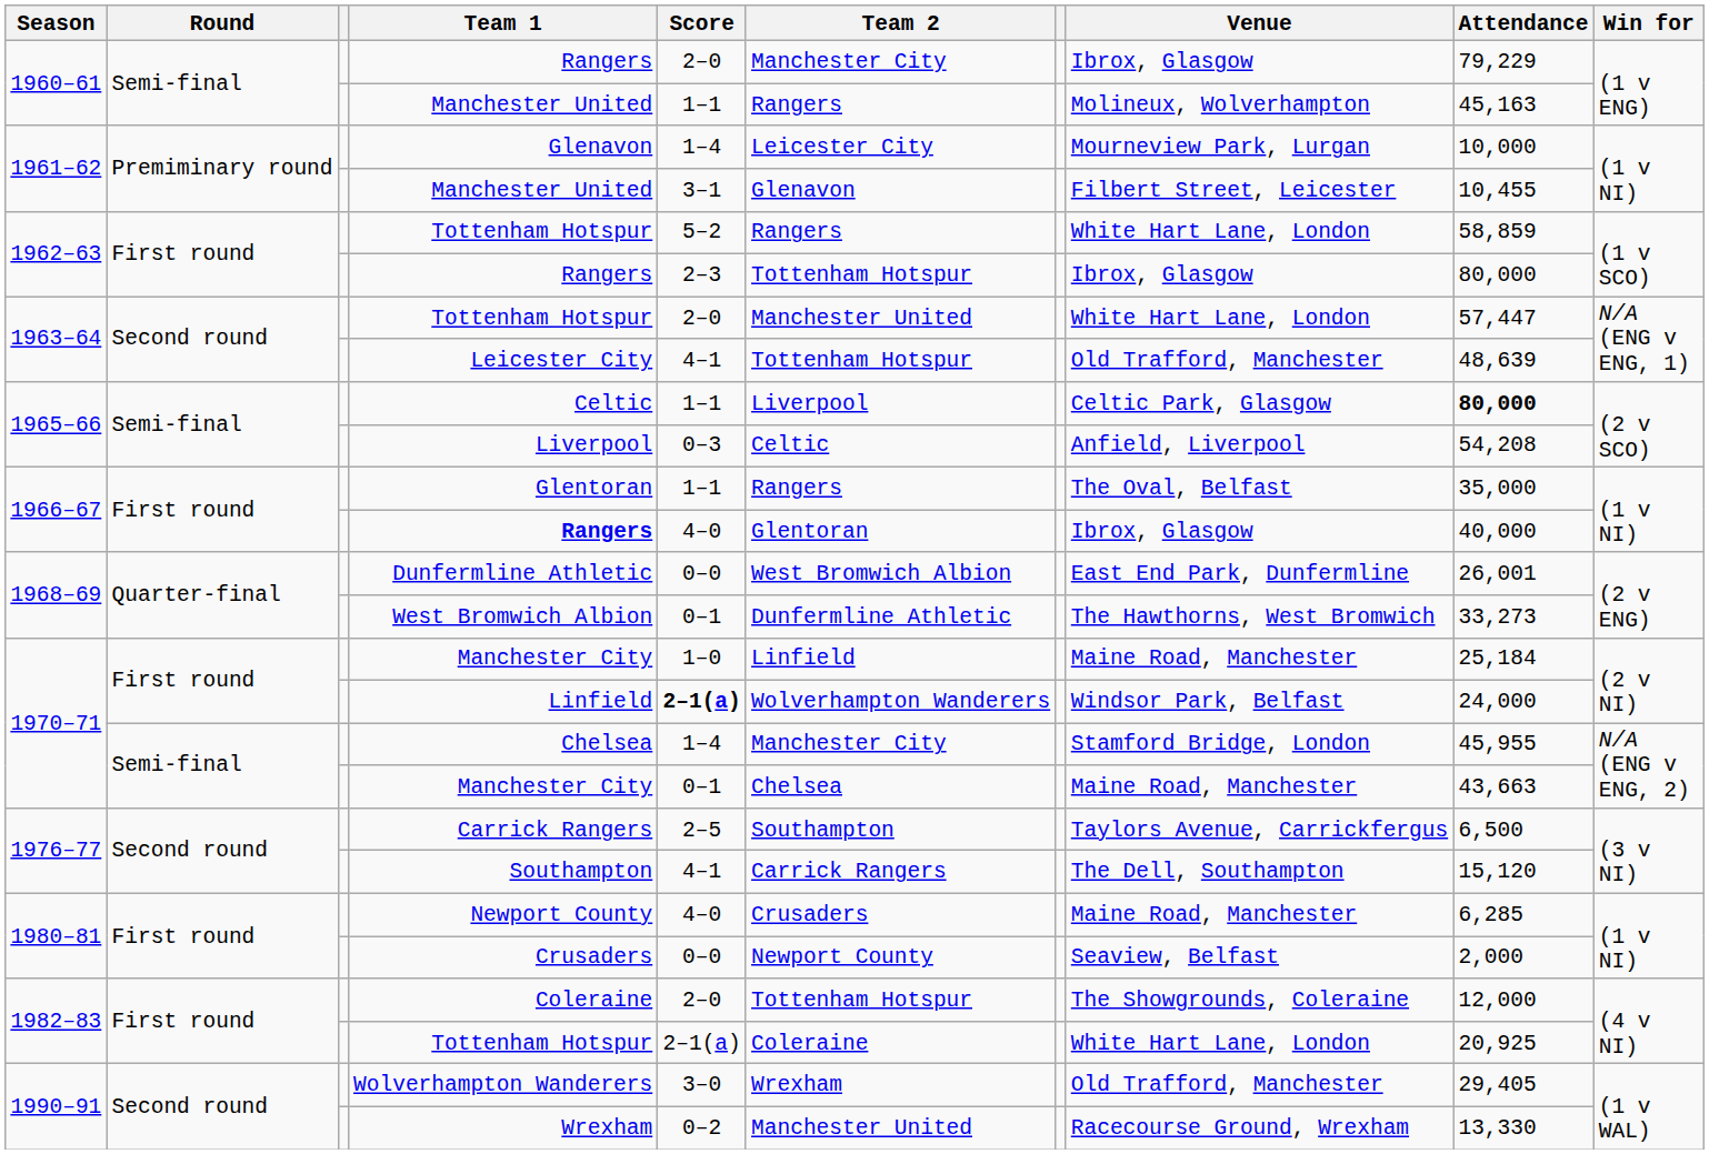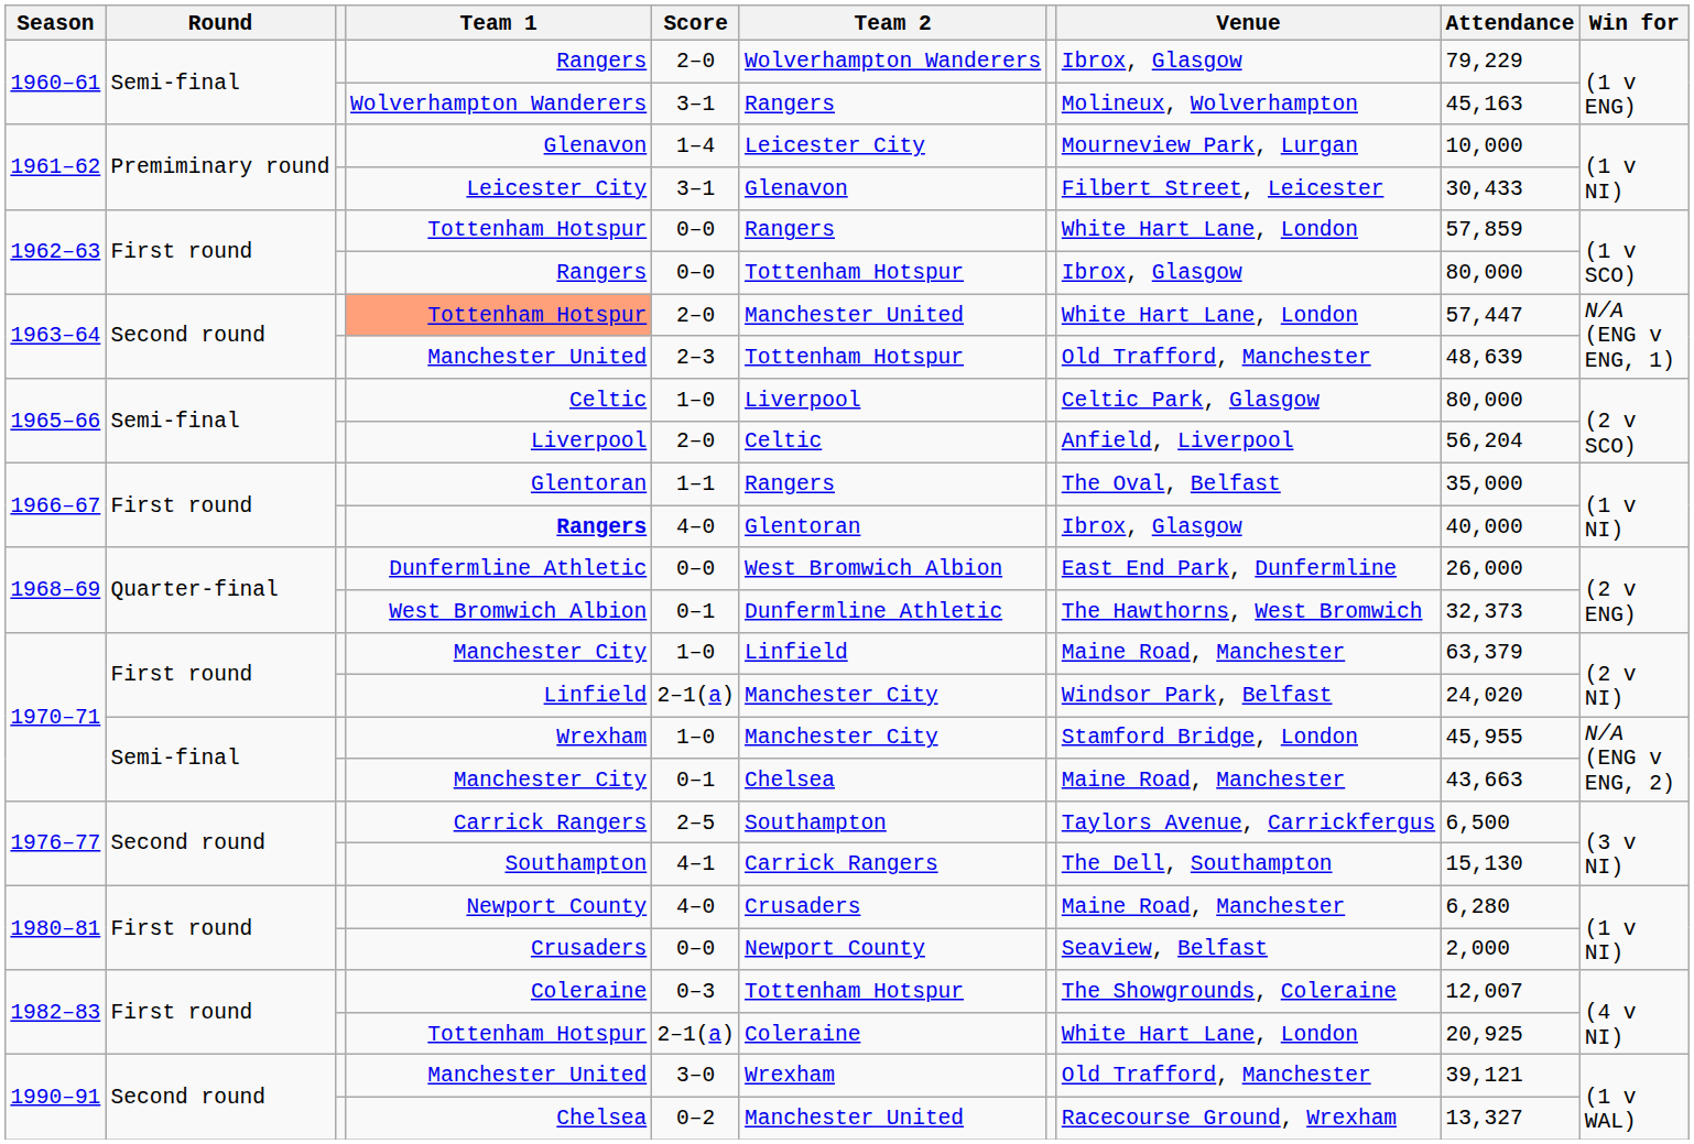 <table class="wikitable sortable">
 <tr>
 <th>Season</th>
 <th>Round</th>
 <th></th>
 <th>Team 1</th>
 <th>Score</th>
 <th>Team 2</th>
 <th></th>
 <th>Venue</th>
 <th>Attendance</th>
 <th width=60>Win for</th>
 </tr>
 <tr>
 <td rowspan=2><a href='#'>1960–61</a></td>
 <td rowspan=2>Semi-final</td>
 <td align=center></td>
 <td align=right><a href='#'>Rangers</a></td>
 <td style="text-align:center;">2–0</td>
-<td><a href='#'>Manchester City</a></td>
+<td><a href='#'>Wolverhampton Wanderers</a></td>
 <td align=center></td>
 <td><a href='#'>Ibrox</a>, <a href='#'>Glasgow</a></td>
 <td align=left>79,229</td>
 <td rowspan=2> <br>(1 v ENG)</td>
 </tr>
 <tr>
 <td align=center></td>
-<td align="right"><a href='#'>Manchester United</a></td>
-<td style="text-align:center;">1–1</td>
+<td align="right"><a href='#'>Wolverhampton Wanderers</a></td>
+<td style="text-align:center;">3–1</td>
 <td><a href='#'>Rangers</a></td>
 <td align=center></td>
 <td><a href='#'>Molineux</a>, <a href='#'>Wolverhampton</a></td>
 <td align=left>45,163</td>
 </tr>
 <tr>
 <td rowspan=2><a href='#'>1961–62</a></td>
 <td rowspan=2>Premiminary round</td>
 <td align=center></td>
 <td align="right"><a href='#'>Glenavon</a></td>
 <td style="text-align:center;">1–4</td>
 <td><a href='#'>Leicester City</a></td>
 <td align=center></td>
 <td><a href='#'>Mourneview Park</a>, <a href='#'>Lurgan</a></td>
 <td align=left>10,000</td>
 <td rowspan=2> <br>(1 v NI)</td>
 </tr>
 <tr>
 <td align=center></td>
-<td align="right"><a href='#'>Manchester United</a></td>
+<td align="right"><a href='#'>Leicester City</a></td>
 <td style="text-align:center;">3–1</td>
 <td><a href='#'>Glenavon</a></td>
 <td align=center></td>
 <td><a href='#'>Filbert Street</a>, <a href='#'>Leicester</a></td>
-<td align=left>10,455</td>
+<td align=left>30,433</td>
 </tr>
 <tr>
 <td rowspan=2><a href='#'>1962–63</a></td>
 <td rowspan=2>First round</td>
 <td align=center></td>
 <td align="right"><a href='#'>Tottenham Hotspur</a></td>
-<td style="text-align:center;">5–2</td>
+<td style="text-align:center;">0–0</td>
 <td><a href='#'>Rangers</a></td>
 <td align=center></td>
 <td><a href='#'>White Hart Lane</a>, <a href='#'>London</a></td>
-<td align=left>58,859</td>
+<td align=left>57,859</td>
 <td rowspan=2><br>(1 v SCO)</td>
 </tr>
 <tr>
 <td align=center></td>
 <td align="right"><a href='#'>Rangers</a></td>
-<td style="text-align:center;">2–3</td>
+<td style="text-align:center;">0–0</td>
 <td><a href='#'>Tottenham Hotspur</a></td>
 <td align=center></td>
 <td><a href='#'>Ibrox</a>, <a href='#'>Glasgow</a></td>
 <td align=left>80,000</td>
 </tr>
 <tr>
 <td rowspan=2><a href='#'>1963–64</a></td>
 <td rowspan=2>Second round</td>
 <td align=center></td>
-<td align="right"><a href='#'>Tottenham Hotspur</a></td>
+<td align="right" style="background: lightsalmon;"><a href='#'>Tottenham Hotspur</a></td>
 <td style="text-align:center;">2–0</td>
 <td><a href='#'>Manchester United</a></td>
 <td align=center></td>
 <td><a href='#'>White Hart Lane</a>, <a href='#'>London</a></td>
 <td align=left>57,447</td>
 <td rowspan=2><em>N/A</em><br>(ENG v ENG, 1)</td>
 </tr>
 <tr>
 <td align=center></td>
-<td align="right"><a href='#'>Leicester City</a></td>
-<td style="text-align:center;">4–1</td>
+<td align="right"><a href='#'>Manchester United</a></td>
+<td style="text-align:center;">2–3</td>
 <td><a href='#'>Tottenham Hotspur</a></td>
 <td align=center></td>
 <td><a href='#'>Old Trafford</a>, <a href='#'>Manchester</a></td>
 <td align=left>48,639</td>
 </tr>
 <tr>
 <td rowspan=2><a href='#'>1965–66</a></td>
 <td rowspan=2>Semi-final</td>
 <td align=center></td>
 <td align="right"><a href='#'>Celtic</a></td>
-<td style="text-align:center;">1–1</td>
+<td style="text-align:center;">1–0</td>
 <td><a href='#'>Liverpool</a></td>
 <td align=center></td>
 <td><a href='#'>Celtic Park</a>, <a href='#'>Glasgow</a></td>
-<td align=left><strong>80,000</strong></td>
+<td align=left>80,000</td>
 <td rowspan=2><br>(2 v SCO)</td>
 </tr>
 <tr>
 <td align=center></td>
 <td align="right"><a href='#'>Liverpool</a></td>
-<td style="text-align:center;">0–3</td>
+<td style="text-align:center;">2–0</td>
 <td><a href='#'>Celtic</a></td>
 <td align=center></td>
 <td><a href='#'>Anfield</a>, <a href='#'>Liverpool</a></td>
-<td align=left>54,208</td>
+<td align=left>56,204</td>
 </tr>
 <tr>
 <td rowspan=2><a href='#'>1966–67</a></td>
 <td rowspan=2>First round</td>
 <td align=center></td>
 <td align="right"><a href='#'>Glentoran</a></td>
 <td style="text-align:center;">1–1</td>
 <td><a href='#'>Rangers</a></td>
 <td align=center></td>
 <td><a href='#'>The Oval</a>, <a href='#'>Belfast</a></td>
 <td align=left>35,000</td>
 <td rowspan=2><br>(1 v NI)</td>
 </tr>
 <tr>
 <td align=center></td>
 <td align="right"><strong><a href='#'>Rangers</a></strong></td>
 <td style="text-align:center;">4–0</td>
 <td><a href='#'>Glentoran</a></td>
 <td align=center></td>
 <td><a href='#'>Ibrox</a>, <a href='#'>Glasgow</a></td>
 <td align=left>40,000</td>
 </tr>
 <tr>
 <td rowspan=2><a href='#'>1968–69</a></td>
 <td rowspan=2>Quarter-final</td>
 <td align=center></td>
 <td align="right"><a href='#'>Dunfermline Athletic</a></td>
 <td style="text-align:center;">0–0</td>
 <td><a href='#'>West Bromwich Albion</a></td>
 <td align=center></td>
 <td><a href='#'>East End Park</a>, <a href='#'>Dunfermline</a></td>
-<td align=left>26,001</td>
+<td align=left>26,000</td>
 <td rowspan=2><br>(2 v ENG)</td>
 </tr>
 <tr>
 <td align=center></td>
 <td align="right"><a href='#'>West Bromwich Albion</a></td>
 <td style="text-align:center;">0–1</td>
 <td><a href='#'>Dunfermline Athletic</a></td>
 <td align=center></td>
 <td><a href='#'>The Hawthorns</a>, <a href='#'>West Bromwich</a></td>
-<td align=left>33,273</td>
+<td align=left>32,373</td>
 </tr>
 <tr>
 <td rowspan=4><a href='#'>1970–71</a></td>
 <td rowspan=2>First round</td>
 <td align=center></td>
 <td align="right"><a href='#'>Manchester City</a></td>
 <td style="text-align:center;">1–0</td>
 <td><a href='#'>Linfield</a></td>
 <td align=center></td>
 <td><a href='#'>Maine Road</a>, <a href='#'>Manchester</a></td>
-<td align=left>25,184</td>
+<td align=left>63,379</td>
 <td rowspan=2><br>(2 v NI)</td>
 </tr>
 <tr>
 <td align=center></td>
 <td align="right"><a href='#'>Linfield</a></td>
-<td style="text-align:center;"><strong>2–1(<a href='#'>a</a>)</strong></td>
-<td><a href='#'>Wolverhampton Wanderers</a></td>
+<td style="text-align:center;">2–1(<a href='#'>a</a>)</td>
+<td><a href='#'>Manchester City</a></td>
 <td align=center></td>
 <td><a href='#'>Windsor Park</a>, <a href='#'>Belfast</a></td>
-<td align=left>24,000</td>
+<td align=left>24,020</td>
 </tr>
 <tr>
 <td rowspan=2>Semi-final</td>
 <td align=center></td>
-<td align="right"><a href='#'>Chelsea</a></td>
-<td style="text-align:center;">1–4</td>
+<td align="right"><a href='#'>Wrexham</a></td>
+<td style="text-align:center;">1–0</td>
 <td><a href='#'>Manchester City</a></td>
 <td align=center></td>
 <td><a href='#'>Stamford Bridge</a>, <a href='#'>London</a></td>
 <td align=left>45,955</td>
 <td rowspan=2><em>N/A</em><br>(ENG v ENG, 2)</td>
 </tr>
 <tr>
 <td align=center></td>
 <td align="right"><a href='#'>Manchester City</a></td>
 <td style="text-align:center;">0–1</td>
 <td><a href='#'>Chelsea</a></td>
 <td align=center></td>
 <td><a href='#'>Maine Road</a>, <a href='#'>Manchester</a></td>
 <td align=left>43,663</td>
 </tr>
 <tr>
 <td rowspan=2><a href='#'>1976–77</a></td>
 <td rowspan=2>Second round</td>
 <td align=center></td>
 <td align="right"><a href='#'>Carrick Rangers</a></td>
 <td style="text-align:center;">2–5</td>
 <td><a href='#'>Southampton</a></td>
 <td align=center></td>
 <td><a href='#'>Taylors Avenue</a>, <a href='#'>Carrickfergus</a></td>
 <td align=left>6,500</td>
 <td rowspan=2> <br>(3 v NI)</td>
 </tr>
 <tr>
 <td align=center></td>
 <td align="right"><a href='#'>Southampton</a></td>
 <td style="text-align:center;">4–1</td>
 <td><a href='#'>Carrick Rangers</a></td>
 <td align=center></td>
 <td><a href='#'>The Dell</a>, <a href='#'>Southampton</a></td>
-<td align=left>15,120</td>
+<td align=left>15,130</td>
 </tr>
 <tr>
 <td rowspan=2><a href='#'>1980–81</a></td>
 <td rowspan=2>First round</td>
 <td align=center></td>
 <td align="right"><a href='#'>Newport County</a></td>
 <td style="text-align:center;">4–0</td>
 <td><a href='#'>Crusaders</a></td>
 <td align=center></td>
 <td><a href='#'>Maine Road</a>, <a href='#'>Manchester</a></td>
-<td align=left>6,285</td>
+<td align=left>6,280</td>
 <td rowspan=2> <br>(1 v NI)</td>
 </tr>
 <tr>
 <td align=center></td>
 <td align="right"><a href='#'>Crusaders</a></td>
 <td style="text-align:center;">0–0</td>
 <td><a href='#'>Newport County</a></td>
 <td align=center></td>
 <td><a href='#'>Seaview</a>, <a href='#'>Belfast</a></td>
 <td align=left>2,000</td>
 </tr>
 <tr>
 <td rowspan=2><a href='#'>1982–83</a></td>
 <td rowspan=2>First round</td>
 <td align=center></td>
 <td align="right"><a href='#'>Coleraine</a></td>
-<td style="text-align:center;">2–0</td>
+<td style="text-align:center;">0–3</td>
 <td><a href='#'>Tottenham Hotspur</a></td>
 <td align=center></td>
 <td><a href='#'>The Showgrounds</a>, <a href='#'>Coleraine</a></td>
-<td align=left>12,000</td>
+<td align=left>12,007</td>
 <td rowspan=2> <br>(4 v NI)</td>
 </tr>
 <tr>
 <td align=center></td>
 <td align="right"><a href='#'>Tottenham Hotspur</a></td>
 <td style="text-align:center;">2–1(<a href='#'>a</a>)</td>
 <td><a href='#'>Coleraine</a></td>
 <td align=center></td>
 <td><a href='#'>White Hart Lane</a>, <a href='#'>London</a></td>
 <td align=left>20,925</td>
 </tr>
 <tr>
 <td rowspan=2><a href='#'>1990–91</a></td>
 <td rowspan=2>Second round</td>
 <td align=center></td>
-<td align="right"><a href='#'>Wolverhampton Wanderers</a></td>
+<td align="right"><a href='#'>Manchester United</a></td>
 <td style="text-align:center;">3–0</td>
 <td><a href='#'>Wrexham</a></td>
 <td align=center></td>
 <td><a href='#'>Old Trafford</a>, <a href='#'>Manchester</a></td>
-<td align=left>29,405</td>
+<td align=left>39,121</td>
 <td rowspan=2><br>(1 v WAL)</td>
 </tr>
 <tr>
 <td align=center></td>
-<td align="right"><a href='#'>Wrexham</a></td>
+<td align="right"><a href='#'>Chelsea</a></td>
 <td style="text-align:center;">0–2</td>
 <td><a href='#'>Manchester United</a></td>
 <td align=center></td>
 <td><a href='#'>Racecourse Ground</a>, <a href='#'>Wrexham</a></td>
-<td align=left>13,330</td>
+<td align=left>13,327</td>
 </tr>
 </table>
